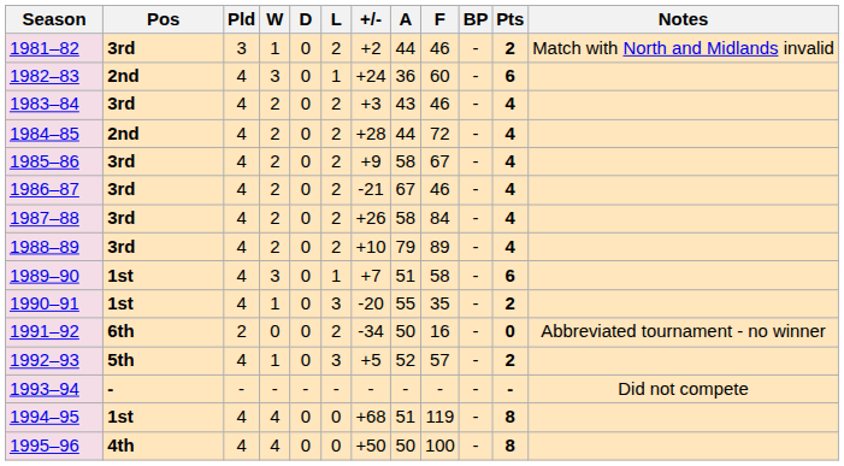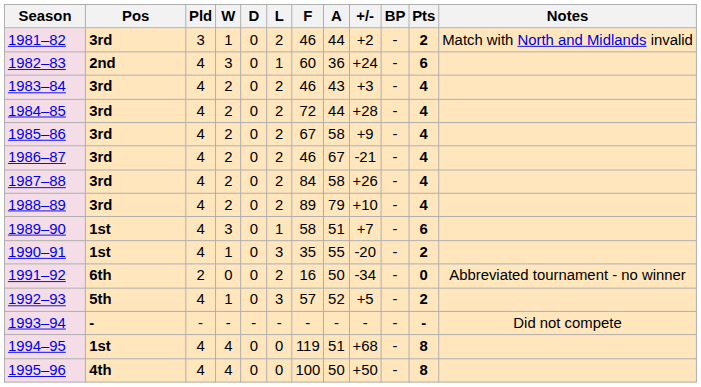 <table class="wikitable">
 <tr border=1 cellpadding=5 cellspacing=0>
 <th style="width:80px;">Season</th>
 <th style="width:100px;">Pos</th>
 <th style="width:20px;">Pld</th>
 <th style="width:20px;">W</th>
 <th style="width:20px;">D</th>
 <th style="width:20px;">L</th>
+<th style="width:20px;">F</th>
+<th style="width:20px;">A</th>
 <th style="width:25px;">+/-</th>
-<th style="width:20px;">A</th>
-<th style="width:20px;">F</th>
 <th style="width:20px;">BP</th>
 <th style="width:20px;">Pts</th>
 <th>Notes<br></th>
 </tr>
 <tr align=center>
 <td style="text-align:left; background:#F4DDE7;"><a href='#'>1981–82</a></td>
 <td style="text-align:left; background:#ffe6bd;"><strong>3rd</strong></td>
 <td style="background:#ffe6bd;">3</td>
 <td style="background:#ffe6bd;">1</td>
 <td style="background:#ffe6bd;">0</td>
 <td style="background:#ffe6bd;">2</td>
+<td style="background:#ffe6bd;">46</td>
+<td style="background:#ffe6bd;">44</td>
 <td style="background:#ffe6bd;">+2</td>
-<td style="background:#ffe6bd;">44</td>
-<td style="background:#ffe6bd;">46</td>
 <td style="background:#ffe6bd;">-</td>
 <td style="background:#ffe6bd;"><strong>2</strong></td>
 <td style="background:#ffe6bd;">Match with <a href='#'>North and Midlands</a> invalid<br> </td>
 </tr>
 <tr align=center>
 <td style="text-align:left; background:#F4DDE7;"><a href='#'>1982–83</a></td>
 <td style="text-align:left; background:#ffe6bd;"><strong>2nd</strong></td>
 <td style="background:#ffe6bd;">4</td>
 <td style="background:#ffe6bd;">3</td>
 <td style="background:#ffe6bd;">0</td>
 <td style="background:#ffe6bd;">1</td>
+<td style="background:#ffe6bd;">60</td>
+<td style="background:#ffe6bd;">36</td>
 <td style="background:#ffe6bd;">+24</td>
-<td style="background:#ffe6bd;">36</td>
-<td style="background:#ffe6bd;">60</td>
 <td style="background:#ffe6bd;">-</td>
 <td style="background:#ffe6bd;"><strong>6</strong></td>
 <td style="background:#ffe6bd;"><br> </td>
 </tr>
 <tr align=center>
 <td style="text-align:left; background:#F4DDE7;"><a href='#'>1983–84</a></td>
 <td style="text-align:left; background:#ffe6bd;"><strong>3rd</strong></td>
 <td style="background:#ffe6bd;">4</td>
 <td style="background:#ffe6bd;">2</td>
 <td style="background:#ffe6bd;">0</td>
 <td style="background:#ffe6bd;">2</td>
+<td style="background:#ffe6bd;">46</td>
+<td style="background:#ffe6bd;">43</td>
 <td style="background:#ffe6bd;">+3</td>
-<td style="background:#ffe6bd;">43</td>
-<td style="background:#ffe6bd;">46</td>
 <td style="background:#ffe6bd;">-</td>
 <td style="background:#ffe6bd;"><strong>4</strong></td>
 <td style="background:#ffe6bd;"><br> </td>
 </tr>
 <tr align=center>
 <td style="text-align:left; background:#F4DDE7;"><a href='#'>1984–85</a></td>
-<td style="text-align:left; background:#ffe6bd;"><strong>2nd</strong></td>
+<td style="text-align:left; background:#ffe6bd;"><strong>3rd</strong></td>
 <td style="background:#ffe6bd;">4</td>
 <td style="background:#ffe6bd;">2</td>
 <td style="background:#ffe6bd;">0</td>
 <td style="background:#ffe6bd;">2</td>
+<td style="background:#ffe6bd;">72</td>
+<td style="background:#ffe6bd;">44</td>
 <td style="background:#ffe6bd;">+28</td>
-<td style="background:#ffe6bd;">44</td>
-<td style="background:#ffe6bd;">72</td>
 <td style="background:#ffe6bd;">-</td>
 <td style="background:#ffe6bd;"><strong>4</strong></td>
 <td style="background:#ffe6bd;"><br> </td>
 </tr>
 <tr align=center>
 <td style="text-align:left; background:#F4DDE7;"><a href='#'>1985–86</a></td>
 <td style="text-align:left; background:#ffe6bd;"><strong>3rd</strong></td>
 <td style="background:#ffe6bd;">4</td>
 <td style="background:#ffe6bd;">2</td>
 <td style="background:#ffe6bd;">0</td>
 <td style="background:#ffe6bd;">2</td>
+<td style="background:#ffe6bd;">67</td>
+<td style="background:#ffe6bd;">58</td>
 <td style="background:#ffe6bd;">+9</td>
-<td style="background:#ffe6bd;">58</td>
-<td style="background:#ffe6bd;">67</td>
 <td style="background:#ffe6bd;">-</td>
 <td style="background:#ffe6bd;"><strong>4</strong></td>
 <td style="background:#ffe6bd;"><br> </td>
 </tr>
 <tr align=center>
 <td style="text-align:left; background:#F4DDE7;"><a href='#'>1986–87</a></td>
 <td style="text-align:left; background:#ffe6bd;"><strong>3rd</strong></td>
 <td style="background:#ffe6bd;">4</td>
 <td style="background:#ffe6bd;">2</td>
 <td style="background:#ffe6bd;">0</td>
 <td style="background:#ffe6bd;">2</td>
+<td style="background:#ffe6bd;">46</td>
+<td style="background:#ffe6bd;">67</td>
 <td style="background:#ffe6bd;">-21</td>
-<td style="background:#ffe6bd;">67</td>
-<td style="background:#ffe6bd;">46</td>
 <td style="background:#ffe6bd;">-</td>
 <td style="background:#ffe6bd;"><strong>4</strong></td>
 <td style="background:#ffe6bd;"><br> </td>
 </tr>
 <tr align=center>
 <td style="text-align:left; background:#F4DDE7;"><a href='#'>1987–88</a></td>
 <td style="text-align:left; background:#ffe6bd;"><strong>3rd</strong></td>
 <td style="background:#ffe6bd;">4</td>
 <td style="background:#ffe6bd;">2</td>
 <td style="background:#ffe6bd;">0</td>
 <td style="background:#ffe6bd;">2</td>
+<td style="background:#ffe6bd;">84</td>
+<td style="background:#ffe6bd;">58</td>
 <td style="background:#ffe6bd;">+26</td>
-<td style="background:#ffe6bd;">58</td>
-<td style="background:#ffe6bd;">84</td>
 <td style="background:#ffe6bd;">-</td>
 <td style="background:#ffe6bd;"><strong>4</strong></td>
 <td style="background:#ffe6bd;"><br> </td>
 </tr>
 <tr align=center>
 <td style="text-align:left; background:#F4DDE7;"><a href='#'>1988–89</a></td>
 <td style="text-align:left; background:#ffe6bd;"><strong>3rd</strong></td>
 <td style="background:#ffe6bd;">4</td>
 <td style="background:#ffe6bd;">2</td>
 <td style="background:#ffe6bd;">0</td>
 <td style="background:#ffe6bd;">2</td>
+<td style="background:#ffe6bd;">89</td>
+<td style="background:#ffe6bd;">79</td>
 <td style="background:#ffe6bd;">+10</td>
-<td style="background:#ffe6bd;">79</td>
-<td style="background:#ffe6bd;">89</td>
 <td style="background:#ffe6bd;">-</td>
 <td style="background:#ffe6bd;"><strong>4</strong></td>
 <td style="background:#ffe6bd;"><br> </td>
 </tr>
 <tr align=center>
 <td style="text-align:left; background:#F4DDE7;"><a href='#'>1989–90</a></td>
 <td style="text-align:left; background:#ffe6bd;"><strong>1st</strong></td>
 <td style="background:#ffe6bd;">4</td>
 <td style="background:#ffe6bd;">3</td>
 <td style="background:#ffe6bd;">0</td>
 <td style="background:#ffe6bd;">1</td>
+<td style="background:#ffe6bd;">58</td>
+<td style="background:#ffe6bd;">51</td>
 <td style="background:#ffe6bd;">+7</td>
-<td style="background:#ffe6bd;">51</td>
-<td style="background:#ffe6bd;">58</td>
 <td style="background:#ffe6bd;">-</td>
 <td style="background:#ffe6bd;"><strong>6</strong></td>
 <td style="background:#ffe6bd;"><br> </td>
 </tr>
 <tr align=center>
 <td style="text-align:left; background:#F4DDE7;"><a href='#'>1990–91</a></td>
 <td style="text-align:left; background:#ffe6bd;"><strong>1st</strong></td>
 <td style="background:#ffe6bd;">4</td>
 <td style="background:#ffe6bd;">1</td>
 <td style="background:#ffe6bd;">0</td>
 <td style="background:#ffe6bd;">3</td>
+<td style="background:#ffe6bd;">35</td>
+<td style="background:#ffe6bd;">55</td>
 <td style="background:#ffe6bd;">-20</td>
-<td style="background:#ffe6bd;">55</td>
-<td style="background:#ffe6bd;">35</td>
 <td style="background:#ffe6bd;">-</td>
 <td style="background:#ffe6bd;"><strong>2</strong></td>
 <td style="background:#ffe6bd;"><br> </td>
 </tr>
 <tr align=center>
 <td style="text-align:left; background:#F4DDE7;"><a href='#'>1991–92</a></td>
 <td style="text-align:left; background:#ffe6bd;"><strong>6th</strong></td>
 <td style="background:#ffe6bd;">2</td>
 <td style="background:#ffe6bd;">0</td>
 <td style="background:#ffe6bd;">0</td>
 <td style="background:#ffe6bd;">2</td>
+<td style="background:#ffe6bd;">16</td>
+<td style="background:#ffe6bd;">50</td>
 <td style="background:#ffe6bd;">-34</td>
-<td style="background:#ffe6bd;">50</td>
-<td style="background:#ffe6bd;">16</td>
 <td style="background:#ffe6bd;">-</td>
 <td style="background:#ffe6bd;"><strong>0</strong></td>
 <td style="background:#ffe6bd;">Abbreviated tournament - no winner<br> </td>
 </tr>
 <tr align=center>
 <td style="text-align:left; background:#F4DDE7;"><a href='#'>1992–93</a></td>
 <td style="text-align:left; background:#ffe6bd;"><strong>5th</strong></td>
 <td style="background:#ffe6bd;">4</td>
 <td style="background:#ffe6bd;">1</td>
 <td style="background:#ffe6bd;">0</td>
 <td style="background:#ffe6bd;">3</td>
+<td style="background:#ffe6bd;">57</td>
+<td style="background:#ffe6bd;">52</td>
 <td style="background:#ffe6bd;">+5</td>
-<td style="background:#ffe6bd;">52</td>
-<td style="background:#ffe6bd;">57</td>
 <td style="background:#ffe6bd;">-</td>
 <td style="background:#ffe6bd;"><strong>2</strong></td>
 <td style="background:#ffe6bd;"><br> </td>
 </tr>
 <tr align=center>
 <td style="text-align:left; background:#F4DDE7;"><a href='#'>1993–94</a></td>
 <td style="text-align:left; background:#ffe6bd;"><strong>-</strong></td>
 <td style="background:#ffe6bd;">-</td>
 <td style="background:#ffe6bd;">-</td>
 <td style="background:#ffe6bd;">-</td>
 <td style="background:#ffe6bd;">-</td>
 <td style="background:#ffe6bd;">-</td>
 <td style="background:#ffe6bd;">-</td>
 <td style="background:#ffe6bd;">-</td>
 <td style="background:#ffe6bd;">-</td>
 <td style="background:#ffe6bd;"><strong>-</strong></td>
 <td style="background:#ffe6bd;">Did not compete<br> </td>
 </tr>
 <tr align=center>
 <td style="text-align:left; background:#F4DDE7;"><a href='#'>1994–95</a></td>
 <td style="text-align:left; background:#ffe6bd;"><strong>1st</strong></td>
 <td style="background:#ffe6bd;">4</td>
 <td style="background:#ffe6bd;">4</td>
 <td style="background:#ffe6bd;">0</td>
 <td style="background:#ffe6bd;">0</td>
+<td style="background:#ffe6bd;">119</td>
+<td style="background:#ffe6bd;">51</td>
 <td style="background:#ffe6bd;">+68</td>
-<td style="background:#ffe6bd;">51</td>
-<td style="background:#ffe6bd;">119</td>
 <td style="background:#ffe6bd;">-</td>
 <td style="background:#ffe6bd;"><strong>8</strong></td>
 <td style="background:#ffe6bd;"><br> </td>
 </tr>
 <tr align=center>
 <td style="text-align:left; background:#F4DDE7;"><a href='#'>1995–96</a></td>
 <td style="text-align:left; background:#ffe6bd;"><strong>4th</strong></td>
 <td style="background:#ffe6bd;">4</td>
 <td style="background:#ffe6bd;">4</td>
 <td style="background:#ffe6bd;">0</td>
 <td style="background:#ffe6bd;">0</td>
+<td style="background:#ffe6bd;">100</td>
+<td style="background:#ffe6bd;">50</td>
 <td style="background:#ffe6bd;">+50</td>
-<td style="background:#ffe6bd;">50</td>
-<td style="background:#ffe6bd;">100</td>
 <td style="background:#ffe6bd;">-</td>
 <td style="background:#ffe6bd;"><strong>8</strong></td>
 <td style="background:#ffe6bd;"><br></td>
 </tr>
 </table>
